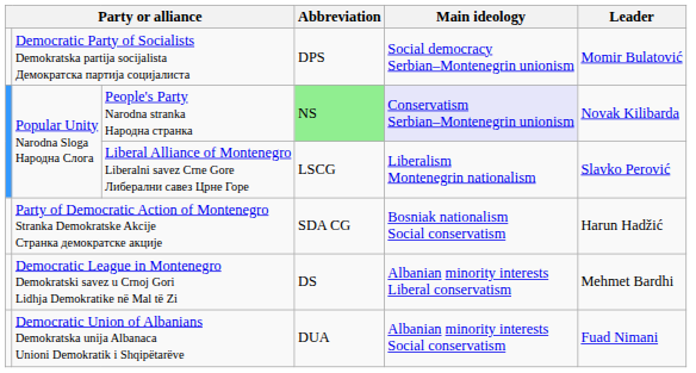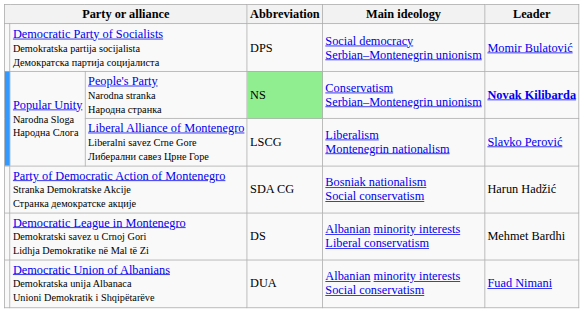 <table class="wikitable">
 <tr>
 <th colspan=3>Party or alliance</th>
 <th>Abbreviation</th>
 <th>Main ideology</th>
 <th>Leader</th>
 </tr>
 <tr>
 <td bgcolor=></td>
 <td colspan=2><a href='#'>Democratic Party of Socialists</a><br><small>Demokratska partija socijalista<br>Демократска партија социјалиста</small></td>
 <td>DPS</td>
 <td><a href='#'>Social democracy</a><br><a href='#'>Serbian–Montenegrin unionism</a></td>
 <td><a href='#'>Momir Bulatović</a></td>
 </tr>
 <tr>
 <td rowspan=2 bgcolor=#3399ff></td>
 <td rowspan=2><a href='#'>Popular Unity</a><br><small>Narodna Sloga<br>Народна Слога</small></td>
 <td><a href='#'>People's Party</a><br><small>Narodna stranka<br>Народна странка</small></td>
 <td style="background: lightgreen;">NS</td>
-<td style="background: lavender;"><a href='#'>Conservatism</a><br><a href='#'>Serbian–Montenegrin unionism</a></td>
-<td><a href='#'>Novak Kilibarda</a></td>
+<td><a href='#'>Conservatism</a><br><a href='#'>Serbian–Montenegrin unionism</a></td>
+<td><strong><a href='#'>Novak Kilibarda</a></strong></td>
 </tr>
 <tr>
 <td><a href='#'>Liberal Alliance of Montenegro</a><br><small>Liberalni savez Crne Gore<br>Либерални савез Црне Горе</small></td>
 <td>LSCG</td>
 <td><a href='#'>Liberalism</a><br><a href='#'>Montenegrin nationalism</a></td>
 <td><a href='#'>Slavko Perović</a></td>
 </tr>
 <tr>
 <td bgcolor=></td>
 <td colspan=2><a href='#'>Party of Democratic Action of Montenegro</a><br><small>Stranka Demokratske Akcije<br>Странка демократске акције</small></td>
 <td>SDA CG</td>
 <td><a href='#'>Bosniak nationalism</a><br><a href='#'>Social conservatism</a></td>
 <td>Harun Hadžić</td>
 </tr>
 <tr>
 <td bgcolor=></td>
 <td colspan=2><a href='#'>Democratic League in Montenegro</a><br><small>Demokratski savez u Crnoj Gori<br>Lidhja Demokratike në Mal të Zi</small></td>
 <td>DS</td>
 <td><a href='#'>Albanian</a> <a href='#'>minority interests</a><br><a href='#'>Liberal conservatism</a></td>
 <td>Mehmet Bardhi</td>
 </tr>
 <tr>
 <td bgcolor=></td>
 <td colspan=2><a href='#'>Democratic Union of Albanians</a><br><small>Demokratska unija Albanaca<br>Unioni Demokratik i Shqipëtarëve</small></td>
 <td>DUA</td>
 <td><a href='#'>Albanian</a> <a href='#'>minority interests</a><br><a href='#'>Social conservatism</a></td>
 <td><a href='#'>Fuad Nimani</a></td>
 </tr>
 </table>
